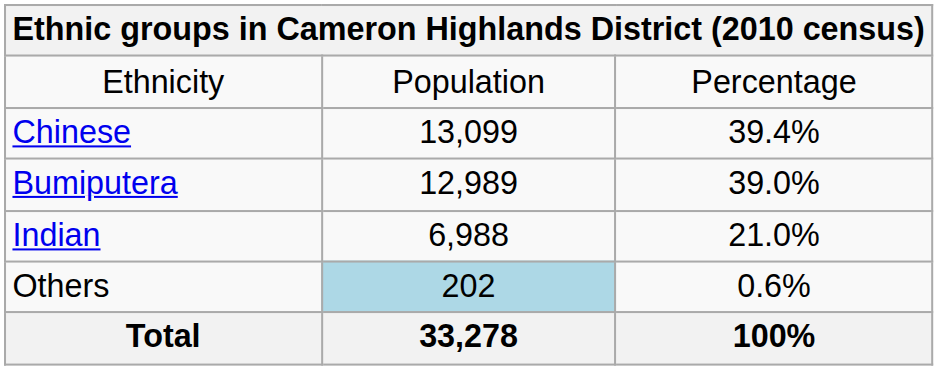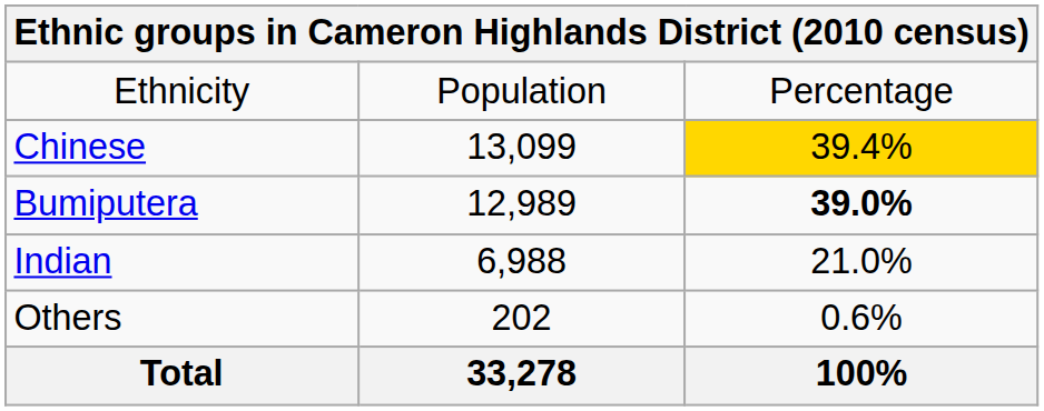 <table class=wikitable margin-left:1em">
 <tr>
 <th colspan = 3>Ethnic groups in Cameron Highlands District (2010 census)</th>
 </tr>
 <tr>
 <td style="text-align:center;">Ethnicity</td>
 <td style="text-align:center;">Population</td>
 <td style="text-align:center;">Percentage</td>
 </tr>
 <tr>
 <td><a href='#'>Chinese</a></td>
 <td style="text-align:center;">13,099</td>
-<td style="text-align:center;">39.4%</td>
+<td style="background: gold; text-align:center;">39.4%</td>
 </tr>
 <tr>
 <td><a href='#'>Bumiputera</a></td>
 <td style="text-align:center;">12,989</td>
-<td style="text-align:center;">39.0%</td>
+<td style="text-align:center;"><strong>39.0%</strong></td>
 </tr>
 <tr>
 <td><a href='#'>Indian</a></td>
 <td style="text-align:center;">6,988</td>
 <td style="text-align:center;">21.0%</td>
 </tr>
 <tr>
 <td>Others</td>
-<td style="background: lightblue; text-align:center;">202</td>
+<td style="text-align:center;">202</td>
 <td style="text-align:center;">0.6%</td>
 </tr>
 <tr>
 <th style="text-align:center;">Total</th>
 <th style="text-align:center;">33,278</th>
 <th style="text-align:center;">100%</th>
 </tr>
 </table>
